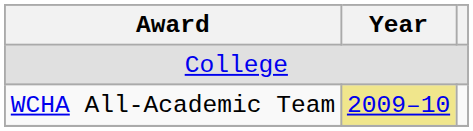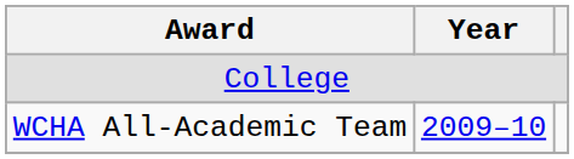 <table class="wikitable">
 <tr>
 <th>Award</th>
 <th>Year</th>
 <th></th>
 </tr>
 <tr ALIGN="center" bgcolor="#e0e0e0">
 <td colspan="3"><a href='#'>College</a></td>
 </tr>
 <tr>
 <td><a href='#'>WCHA</a> All-Academic Team</td>
-<td style="background: khaki;"><a href='#'>2009–10</a></td>
+<td><a href='#'>2009–10</a></td>
 <td></td>
 </tr>
 <tr>
 </tr>
 </table>
